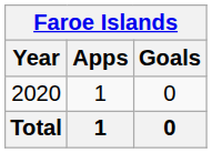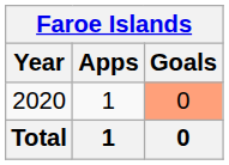 <table class="wikitable" style="text-align:center">
 <tr>
 <th colspan=3><a href='#'>Faroe Islands</a></th>
 </tr>
 <tr>
 <th>Year</th>
 <th>Apps</th>
 <th>Goals</th>
 </tr>
 <tr>
 <td>2020</td>
 <td>1</td>
-<td>0</td>
+<td style="background: lightsalmon;">0</td>
 </tr>
 <tr>
 <th>Total</th>
 <th>1</th>
 <th>0</th>
 </tr>
 </table>
